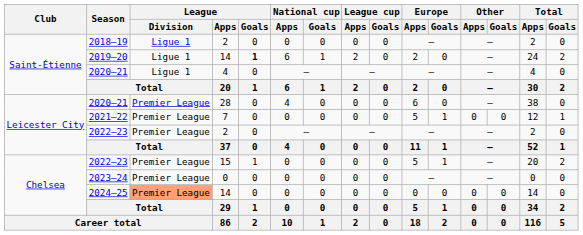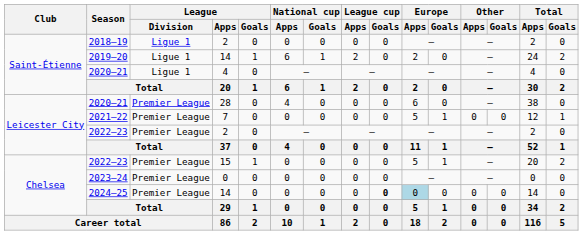 <table class="wikitable" style="text-align: center;">
 <tr>
 <th rowspan="2">Club</th>
 <th rowspan="2">Season</th>
 <th colspan="3">League</th>
 <th colspan="2">National cup</th>
 <th colspan="2">League cup</th>
 <th colspan="2">Europe</th>
 <th colspan="2">Other</th>
 <th colspan="2">Total</th>
 </tr>
 <tr>
 <th>Division</th>
 <th>Apps</th>
 <th>Goals</th>
 <th>Apps</th>
 <th>Goals</th>
 <th>Apps</th>
 <th>Goals</th>
 <th>Apps</th>
 <th>Goals</th>
 <th>Apps</th>
 <th>Goals</th>
 <th>Apps</th>
 <th>Goals</th>
 </tr>
 <tr>
 <td rowspan="4"><a href='#'>Saint-Étienne</a></td>
 <td><a href='#'>2018–19</a></td>
 <td><a href='#'>Ligue 1</a></td>
 <td>2</td>
 <td>0</td>
 <td>0</td>
 <td>0</td>
 <td>0</td>
 <td>0</td>
 <td colspan="2">—</td>
 <td colspan="2">—</td>
 <td>2</td>
 <td>0</td>
 </tr>
 <tr>
 <td><a href='#'>2019–20</a></td>
 <td>Ligue 1</td>
 <td>14</td>
-<td><strong>1</strong></td>
+<td>1</td>
 <td>6</td>
 <td>1</td>
 <td>2</td>
 <td>0</td>
 <td>2</td>
 <td>0</td>
 <td colspan="2">—</td>
 <td>24</td>
 <td>2</td>
 </tr>
 <tr>
 <td><a href='#'>2020–21</a></td>
 <td>Ligue 1</td>
 <td>4</td>
 <td>0</td>
 <td colspan="2">—</td>
 <td colspan="2">—</td>
 <td colspan="2">—</td>
 <td colspan="2">—</td>
 <td>4</td>
 <td>0</td>
 </tr>
 <tr>
 <th colspan="2">Total</th>
 <th>20</th>
 <th>1</th>
 <th>6</th>
 <th>1</th>
 <th>2</th>
 <th>0</th>
 <th>2</th>
 <th>0</th>
 <th colspan="2">—</th>
 <th>30</th>
 <th>2</th>
 </tr>
 <tr>
 <td rowspan="4"><a href='#'>Leicester City</a></td>
 <td><a href='#'>2020–21</a></td>
 <td><a href='#'>Premier League</a></td>
 <td>28</td>
 <td>0</td>
 <td>4</td>
 <td>0</td>
 <td>0</td>
 <td>0</td>
 <td>6</td>
 <td>0</td>
 <td colspan="2">—</td>
 <td>38</td>
 <td>0</td>
 </tr>
 <tr>
 <td><a href='#'>2021–22</a></td>
 <td>Premier League</td>
 <td>7</td>
 <td>0</td>
 <td>0</td>
 <td>0</td>
 <td>0</td>
 <td>0</td>
 <td>5</td>
 <td>1</td>
 <td>0</td>
 <td>0</td>
 <td>12</td>
 <td>1</td>
 </tr>
 <tr>
 <td><a href='#'>2022–23</a></td>
 <td>Premier League</td>
 <td>2</td>
 <td>0</td>
 <td colspan="2">—</td>
 <td colspan="2">—</td>
 <td colspan="2">—</td>
 <td colspan="2">—</td>
 <td>2</td>
 <td>0</td>
 </tr>
 <tr>
 <th colspan="2">Total</th>
 <th>37</th>
 <th>0</th>
 <th>4</th>
 <th>0</th>
 <th>0</th>
 <th>0</th>
 <th>11</th>
 <th>1</th>
 <th colspan="2">—</th>
 <th>52</th>
 <th>1</th>
 </tr>
 <tr>
 <td rowspan="4"><a href='#'>Chelsea</a></td>
 <td><a href='#'>2022–23</a></td>
 <td>Premier League</td>
 <td>15</td>
 <td>1</td>
 <td>0</td>
 <td>0</td>
 <td>0</td>
 <td>0</td>
 <td>5</td>
 <td>1</td>
 <td colspan="2">—</td>
 <td>20</td>
 <td>2</td>
 </tr>
 <tr>
 <td><a href='#'>2023–24</a></td>
 <td>Premier League</td>
 <td>0</td>
 <td>0</td>
 <td>0</td>
 <td>0</td>
 <td>0</td>
 <td>0</td>
 <td colspan="2">—</td>
 <td colspan="2">—</td>
 <td>0</td>
 <td>0</td>
 </tr>
 <tr>
 <td><a href='#'>2024–25</a></td>
-<td style="background: lightsalmon;">Premier League</td>
+<td>Premier League</td>
 <td>14</td>
 <td>0</td>
 <td>0</td>
 <td>0</td>
 <td>0</td>
-<td>0</td>
-<td>0</td>
+<td><strong>0</strong></td>
+<td style="background: lightblue;">0</td>
 <td>0</td>
 <td>0</td>
 <td>0</td>
 <td>14</td>
 <td>0</td>
 </tr>
 <tr>
 <th colspan="2">Total</th>
 <th>29</th>
 <th>1</th>
 <th>0</th>
 <th>0</th>
 <th>0</th>
 <th>0</th>
 <th>5</th>
 <th>1</th>
 <th>0</th>
 <th>0</th>
 <th>34</th>
 <th>2</th>
 </tr>
 <tr>
 <th colspan="3">Career total</th>
 <th>86</th>
 <th>2</th>
 <th>10</th>
 <th>1</th>
 <th>2</th>
 <th>0</th>
 <th>18</th>
 <th>2</th>
 <th>0</th>
 <th>0</th>
 <th>116</th>
 <th>5</th>
 </tr>
 </table>
